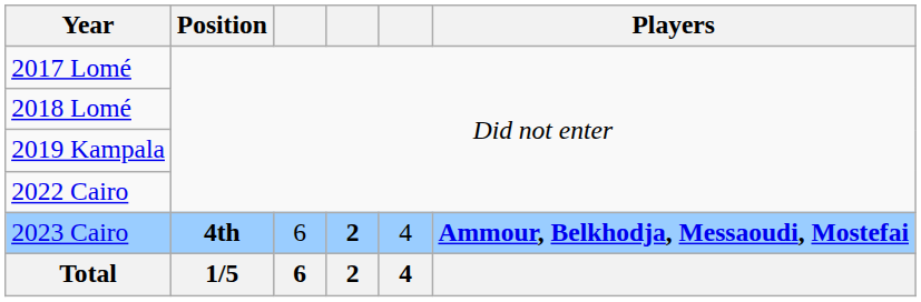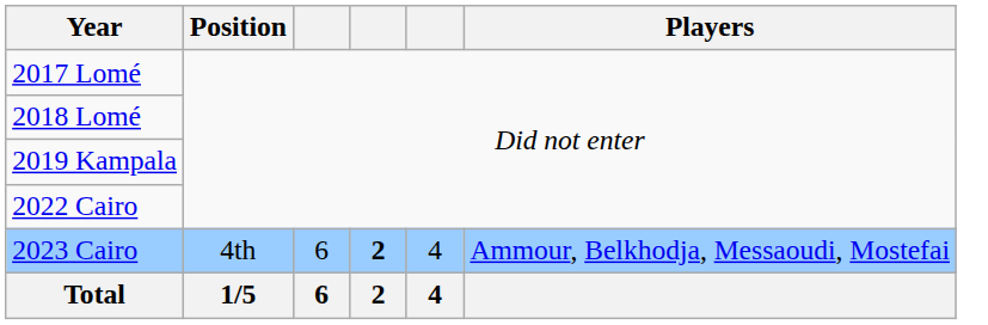 <table class="wikitable" style="text-align: center;">
 <tr>
 <th>Year</th>
 <th>Position</th>
 <th width=25px></th>
 <th width=25px></th>
 <th width=25px></th>
 <th>Players</th>
 </tr>
 <tr>
 <td style="text-align: left;"> <a href='#'>2017 Lomé</a></td>
 <td colspan=5 rowspan=4><em>Did not enter</em></td>
 </tr>
 <tr>
 <td style="text-align: left;"> <a href='#'>2018 Lomé</a></td>
 </tr>
 <tr>
 <td style="text-align: left;"> <a href='#'>2019 Kampala</a></td>
 </tr>
 <tr>
 <td style="text-align: left;"> <a href='#'>2022 Cairo</a></td>
 </tr>
 <tr bgcolor=9acdff>
 <td style="text-align: left;"> <a href='#'>2023 Cairo</a></td>
-<td><strong>4th</strong></td>
+<td>4th</td>
 <td>6</td>
 <td><strong>2</strong></td>
 <td>4</td>
-<td><strong><a href='#'>Ammour</a>, <a href='#'>Belkhodja</a>, <a href='#'>Messaoudi</a>, <a href='#'>Mostefai</a></strong></td>
+<td><a href='#'>Ammour</a>, <a href='#'>Belkhodja</a>, <a href='#'>Messaoudi</a>, <a href='#'>Mostefai</a></td>
 </tr>
 <tr>
 <th>Total</th>
 <th>1/5</th>
 <th>6</th>
 <th>2</th>
 <th>4</th>
 <th></th>
 </tr>
 </table>
